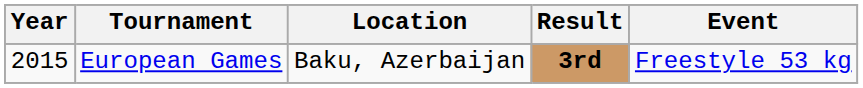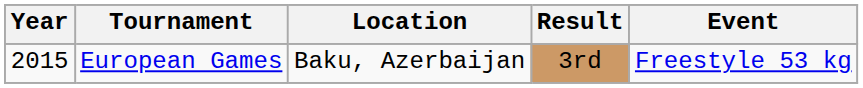 <table class="wikitable" style="font-size:95%;">
 <tr>
 <th>Year</th>
 <th>Tournament</th>
 <th>Location</th>
 <th>Result</th>
 <th>Event</th>
 </tr>
 <tr>
 <td rowspan=2>2015</td>
 <td><a href='#'>European Games</a></td>
 <td>Baku, Azerbaijan</td>
-<td align="center" bgcolor="cc9966"><strong>3rd</strong></td>
+<td align="center" bgcolor="cc9966">3rd</td>
 <td><a href='#'>Freestyle 53 kg</a></td>
 </tr>
 </table>
